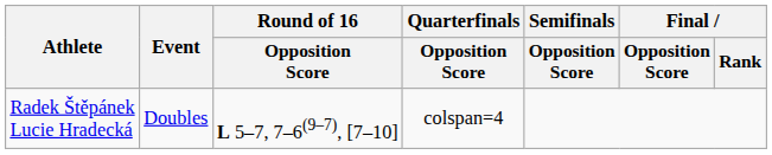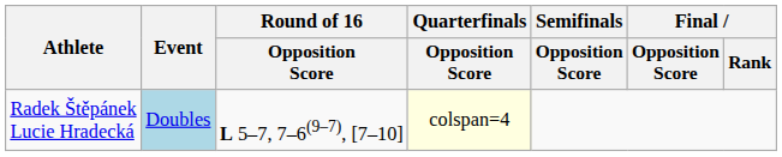 <table class=wikitable style="font-size:90%">
 <tr>
 <th rowspan="2">Athlete</th>
 <th rowspan="2">Event</th>
 <th>Round of 16</th>
 <th>Quarterfinals</th>
 <th>Semifinals</th>
 <th colspan=2>Final / </th>
 </tr>
 <tr style="font-size:95%">
 <th>Opposition<br>Score</th>
 <th>Opposition<br>Score</th>
 <th>Opposition<br>Score</th>
 <th>Opposition<br>Score</th>
 <th>Rank</th>
 </tr>
 <tr align=center>
 <td align=left><a href='#'>Radek Štěpánek</a><br><a href='#'>Lucie Hradecká</a></td>
-<td align=left><a href='#'>Doubles</a></td>
+<td align=left style="background: lightblue;"><a href='#'>Doubles</a></td>
 <td> <br><strong>L</strong> 5–7, 7–6<sup>(9–7)</sup>, [7–10]</td>
-<td>colspan=4 </td>
+<td style="background: lightyellow;">colspan=4 </td>
 </tr>
 </table>
